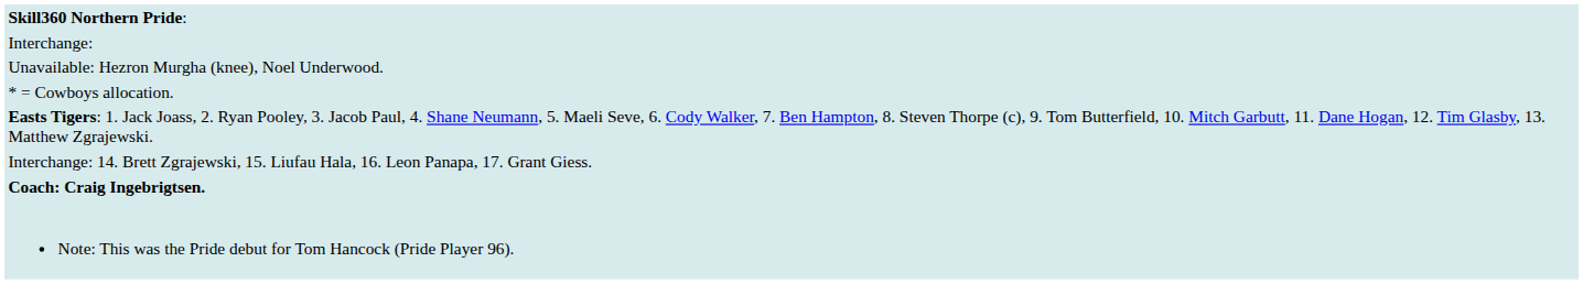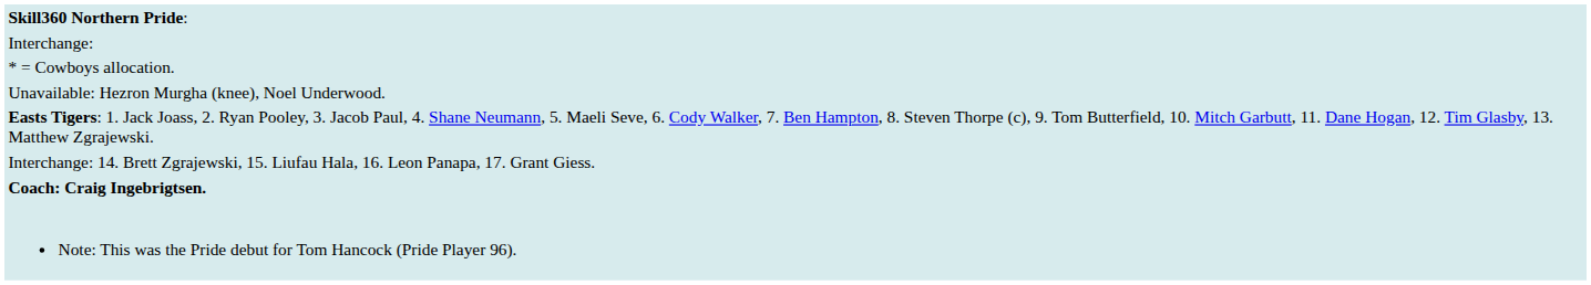 <table style="background:#d7ebed; font-size:85%; width:100%;">
 <tr>
 <td><strong>Skill360 Northern Pride</strong>:             </td>
 </tr>
 <tr>
 <td>Interchange:    </td>
 </tr>
 <tr>
-<td>Unavailable: Hezron Murgha (knee), Noel Underwood.</td>
+<td>* = Cowboys allocation.</td>
 </tr>
 <tr>
-<td>* = Cowboys allocation.</td>
+<td>Unavailable: Hezron Murgha (knee), Noel Underwood.</td>
 </tr>
 <tr>
 <td><strong>Easts Tigers</strong>: 1. Jack Joass, 2. Ryan Pooley, 3. Jacob Paul, 4. <a href='#'>Shane Neumann</a>, 5. Maeli Seve, 6. <a href='#'>Cody Walker</a>, 7. <a href='#'>Ben Hampton</a>, 8. Steven Thorpe (c), 9. Tom Butterfield, 10. <a href='#'>Mitch Garbutt</a>, 11. <a href='#'>Dane Hogan</a>, 12. <a href='#'>Tim Glasby</a>, 13. Matthew Zgrajewski.</td>
 </tr>
 <tr>
 <td>Interchange: 14. Brett Zgrajewski, 15. Liufau Hala, 16. Leon Panapa, 17. Grant Giess.</td>
 </tr>
 <tr>
 <td><strong>Coach: Craig Ingebrigtsen.</strong></td>
 </tr>
 <tr>
 <td><br><ul><li>Note: This was the Pride debut for Tom Hancock (Pride Player 96).</li></ul></td>
 </tr>
 </table>
